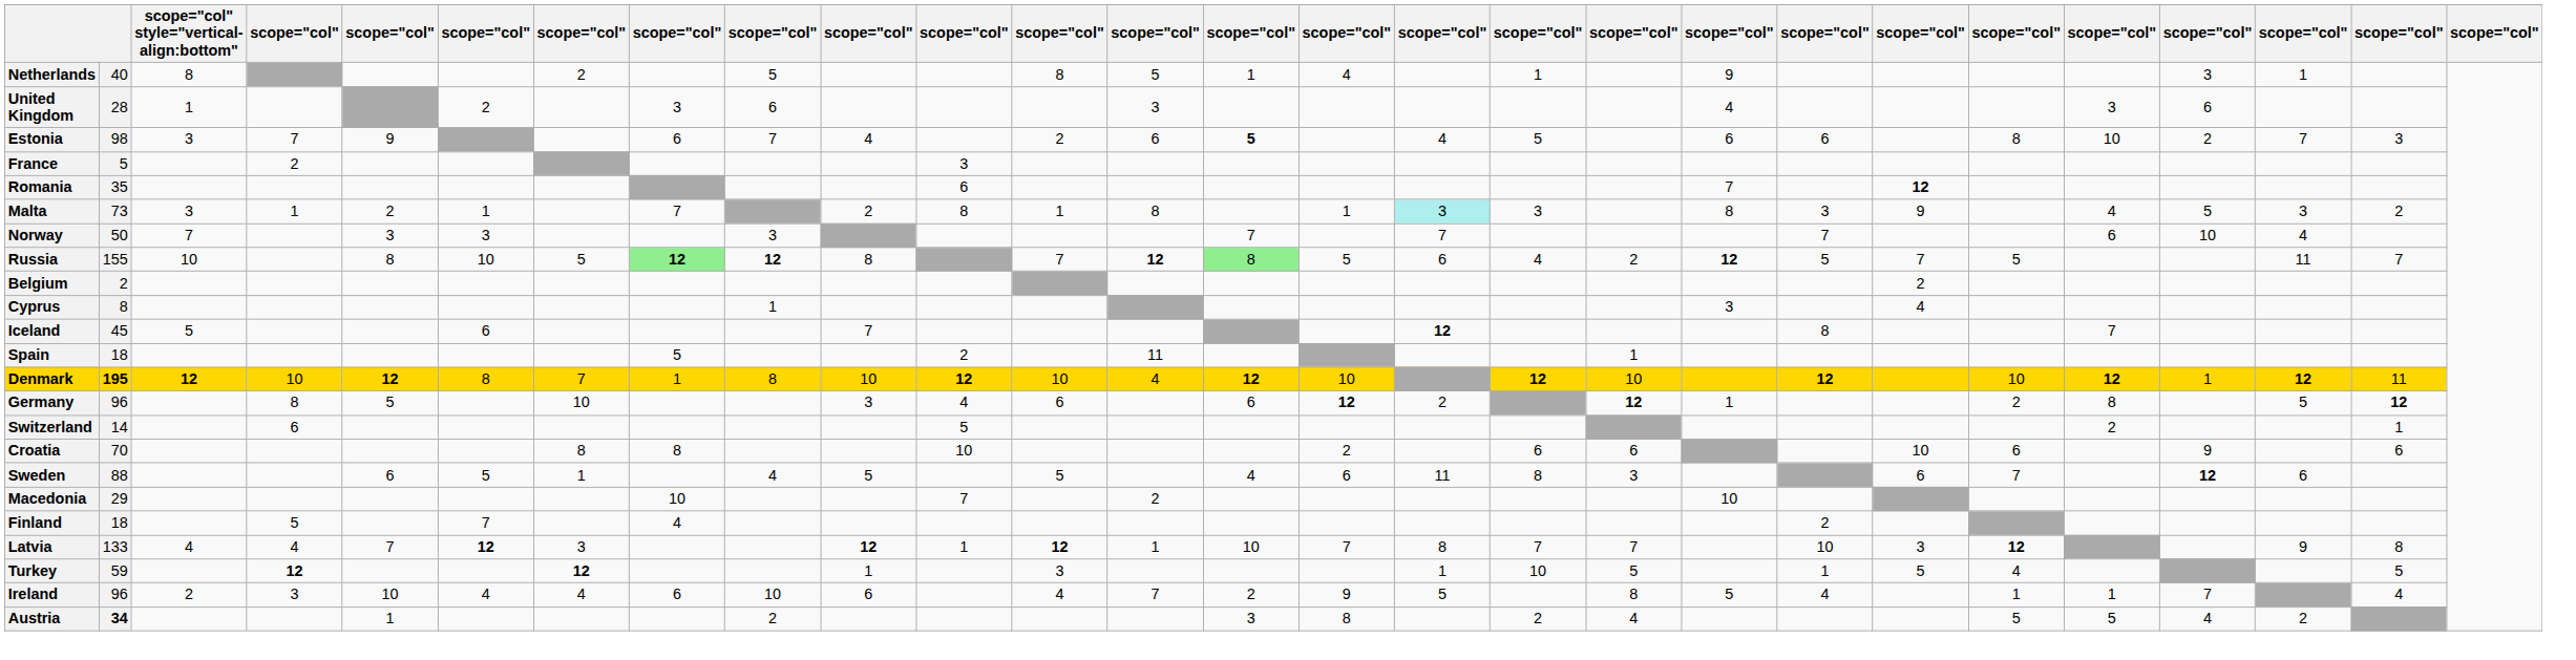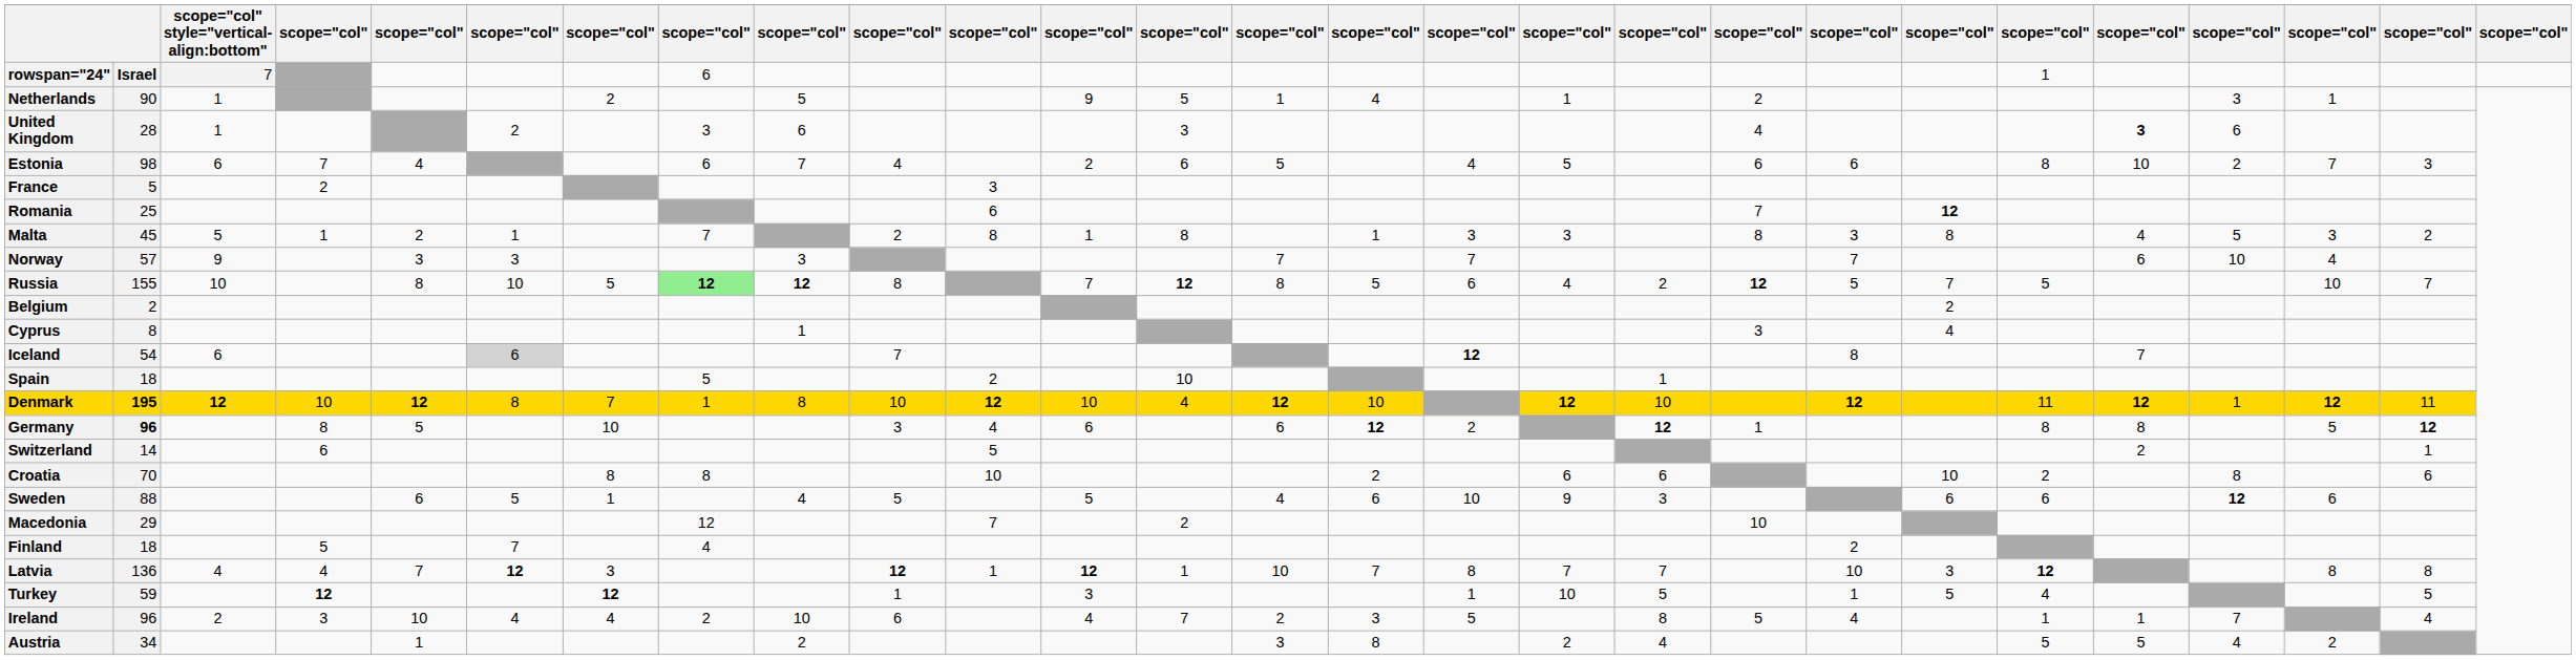 <table class="wikitable plainrowheaders" style="text-align:center;">
 <tr>
 </tr>
 <tr>
 <th colspan="2"></th>
 <th>scope="col" style="vertical-align:bottom" </th>
 <th>scope="col" </th>
 <th>scope="col" </th>
 <th>scope="col" </th>
 <th>scope="col" </th>
 <th>scope="col" </th>
 <th>scope="col" </th>
 <th>scope="col" </th>
 <th>scope="col" </th>
 <th>scope="col" </th>
 <th>scope="col" </th>
 <th>scope="col" </th>
 <th>scope="col" </th>
 <th>scope="col" </th>
 <th>scope="col" </th>
 <th>scope="col" </th>
 <th>scope="col" </th>
 <th>scope="col" </th>
 <th>scope="col" </th>
 <th>scope="col" </th>
 <th>scope="col" </th>
 <th>scope="col" </th>
 <th>scope="col" </th>
 <th>scope="col" </th>
 <th>scope="col" </th>
 </tr>
 <tr>
+<th>rowspan="24" </th>
+<th scope="row" style="text-align:left; background:#f2f2f2;">Israel</th>
+<td style="text-align:right; background:#f2f2f2;">7</td>
+<td style="text-align:left; background:#aaa;"></td>
+<td></td>
+<td></td>
+<td></td>
+<td>6</td>
+<td></td>
+<td></td>
+<td></td>
+<td></td>
+<td></td>
+<td></td>
+<td></td>
+<td></td>
+<td></td>
+<td></td>
+<td></td>
+<td></td>
+<td></td>
+<td>1</td>
+<td></td>
+<td></td>
+<td></td>
+<td></td>
+<td></td>
+</tr>
+<tr>
 <th scope="row" style="text-align:left; background:#f2f2f2;">Netherlands</th>
-<td style="text-align:right; background:#f2f2f2;">40</td>
-<td>8</td>
+<td style="text-align:right; background:#f2f2f2;">90</td>
+<td>1</td>
 <td style="text-align:left; background:#aaa;"></td>
 <td></td>
 <td></td>
 <td>2</td>
 <td></td>
 <td>5</td>
 <td></td>
 <td></td>
-<td>8</td>
+<td>9</td>
 <td>5</td>
 <td>1</td>
 <td>4</td>
 <td></td>
 <td>1</td>
 <td></td>
-<td>9</td>
+<td>2</td>
 <td></td>
 <td></td>
 <td></td>
 <td></td>
 <td>3</td>
 <td>1</td>
 <td></td>
 </tr>
 <tr>
 <th scope="row" style="text-align:left; background:#f2f2f2;">United Kingdom</th>
 <td style="text-align:right; background:#f2f2f2;">28</td>
 <td>1</td>
 <td></td>
 <td style="text-align:left; background:#aaa;"></td>
 <td>2</td>
 <td></td>
 <td>3</td>
 <td>6</td>
 <td></td>
 <td></td>
 <td></td>
 <td>3</td>
 <td></td>
 <td></td>
 <td></td>
 <td></td>
 <td></td>
 <td>4</td>
 <td></td>
 <td></td>
 <td></td>
-<td>3</td>
+<td><strong>3</strong></td>
 <td>6</td>
 <td></td>
 <td></td>
 </tr>
 <tr>
 <th scope="row" style="text-align:left; background:#f2f2f2;">Estonia</th>
 <td style="text-align:right; background:#f2f2f2;">98</td>
-<td>3</td>
+<td>6</td>
 <td>7</td>
-<td>9</td>
+<td>4</td>
 <td style="text-align:left; background:#aaa;"></td>
 <td></td>
 <td>6</td>
 <td>7</td>
 <td>4</td>
 <td></td>
 <td>2</td>
 <td>6</td>
-<td><strong>5</strong></td>
+<td>5</td>
 <td></td>
 <td>4</td>
 <td>5</td>
 <td></td>
 <td>6</td>
 <td>6</td>
 <td></td>
 <td>8</td>
 <td>10</td>
 <td>2</td>
 <td>7</td>
 <td>3</td>
 </tr>
 <tr>
 <th scope="row" style="text-align:left; background:#f2f2f2;">France</th>
 <td style="text-align:right; background:#f2f2f2;">5</td>
 <td></td>
 <td>2</td>
 <td></td>
 <td></td>
 <td style="text-align:left; background:#aaa;"></td>
 <td></td>
 <td></td>
 <td></td>
 <td>3</td>
 <td></td>
 <td></td>
 <td></td>
 <td></td>
 <td></td>
 <td></td>
 <td></td>
 <td></td>
 <td></td>
 <td></td>
 <td></td>
 <td></td>
 <td></td>
 <td></td>
 <td></td>
 </tr>
 <tr>
 <th scope="row" style="text-align:left; background:#f2f2f2;">Romania</th>
-<td style="text-align:right; background:#f2f2f2;">35</td>
+<td style="text-align:right; background:#f2f2f2;">25</td>
 <td></td>
 <td></td>
 <td></td>
 <td></td>
 <td></td>
 <td style="text-align:left; background:#aaa;"></td>
 <td></td>
 <td></td>
 <td>6</td>
 <td></td>
 <td></td>
 <td></td>
 <td></td>
 <td></td>
 <td></td>
 <td></td>
 <td>7</td>
 <td></td>
 <td><strong>12</strong></td>
 <td></td>
 <td></td>
 <td></td>
 <td></td>
 <td></td>
 </tr>
 <tr>
 <th scope="row" style="text-align:left; background:#f2f2f2;">Malta</th>
-<td style="text-align:right; background:#f2f2f2;">73</td>
-<td>3</td>
+<td style="text-align:right; background:#f2f2f2;">45</td>
+<td>5</td>
 <td>1</td>
 <td>2</td>
 <td>1</td>
 <td></td>
 <td>7</td>
 <td style="text-align:left; background:#aaa;"></td>
 <td>2</td>
 <td>8</td>
 <td>1</td>
 <td>8</td>
 <td></td>
 <td>1</td>
-<td style="background: paleturquoise;">3</td>
+<td>3</td>
 <td>3</td>
 <td></td>
 <td>8</td>
 <td>3</td>
-<td>9</td>
+<td>8</td>
 <td></td>
 <td>4</td>
 <td>5</td>
 <td>3</td>
 <td>2</td>
 </tr>
 <tr>
 <th scope="row" style="text-align:left; background:#f2f2f2;">Norway</th>
-<td style="text-align:right; background:#f2f2f2;">50</td>
-<td>7</td>
+<td style="text-align:right; background:#f2f2f2;">57</td>
+<td>9</td>
 <td></td>
 <td>3</td>
 <td>3</td>
 <td></td>
 <td></td>
 <td>3</td>
 <td style="text-align:left; background:#aaa;"></td>
 <td></td>
 <td></td>
 <td></td>
 <td>7</td>
 <td></td>
 <td>7</td>
 <td></td>
 <td></td>
 <td></td>
 <td>7</td>
 <td></td>
 <td></td>
 <td>6</td>
 <td>10</td>
 <td>4</td>
 <td></td>
 </tr>
 <tr>
 <th scope="row" style="text-align:left; background:#f2f2f2;">Russia</th>
 <td style="text-align:right; background:#f2f2f2;">155</td>
 <td>10</td>
 <td></td>
 <td>8</td>
 <td>10</td>
 <td>5</td>
 <td style="background: lightgreen;"><strong>12</strong></td>
 <td><strong>12</strong></td>
 <td>8</td>
 <td style="text-align:left; background:#aaa;"></td>
 <td>7</td>
 <td><strong>12</strong></td>
-<td style="background: lightgreen;">8</td>
+<td>8</td>
 <td>5</td>
 <td>6</td>
 <td>4</td>
 <td>2</td>
 <td><strong>12</strong></td>
 <td>5</td>
 <td>7</td>
 <td>5</td>
 <td></td>
 <td></td>
-<td>11</td>
+<td>10</td>
 <td>7</td>
 </tr>
 <tr>
 <th scope="row" style="text-align:left; background:#f2f2f2;">Belgium</th>
 <td style="text-align:right; background:#f2f2f2;">2</td>
 <td></td>
 <td></td>
 <td></td>
 <td></td>
 <td></td>
 <td></td>
 <td></td>
 <td></td>
 <td></td>
 <td style="text-align:left; background:#aaa;"></td>
 <td></td>
 <td></td>
 <td></td>
 <td></td>
 <td></td>
 <td></td>
 <td></td>
 <td></td>
 <td>2</td>
 <td></td>
 <td></td>
 <td></td>
 <td></td>
 <td></td>
 </tr>
 <tr>
 <th scope="row" style="text-align:left; background:#f2f2f2;">Cyprus</th>
 <td style="text-align:right; background:#f2f2f2;">8</td>
 <td></td>
 <td></td>
 <td></td>
 <td></td>
 <td></td>
 <td></td>
 <td>1</td>
 <td></td>
 <td></td>
 <td></td>
 <td style="text-align:left; background:#aaa;"></td>
 <td></td>
 <td></td>
 <td></td>
 <td></td>
 <td></td>
 <td>3</td>
 <td></td>
 <td>4</td>
 <td></td>
 <td></td>
 <td></td>
 <td></td>
 <td></td>
 </tr>
 <tr>
 <th scope="row" style="text-align:left; background:#f2f2f2;">Iceland</th>
-<td style="text-align:right; background:#f2f2f2;">45</td>
-<td>5</td>
+<td style="text-align:right; background:#f2f2f2;">54</td>
+<td>6</td>
 <td></td>
 <td></td>
-<td>6</td>
+<td style="background: lightgrey;">6</td>
 <td></td>
 <td></td>
 <td></td>
 <td>7</td>
 <td></td>
 <td></td>
 <td></td>
 <td style="text-align:left; background:#aaa;"></td>
 <td></td>
 <td><strong>12</strong></td>
 <td></td>
 <td></td>
 <td></td>
 <td>8</td>
 <td></td>
 <td></td>
 <td>7</td>
 <td></td>
 <td></td>
 <td></td>
 </tr>
 <tr>
 <th scope="row" style="text-align:left; background:#f2f2f2;">Spain</th>
 <td style="text-align:right; background:#f2f2f2;">18</td>
 <td></td>
 <td></td>
 <td></td>
 <td></td>
 <td></td>
 <td>5</td>
 <td></td>
 <td></td>
 <td>2</td>
 <td></td>
-<td>11</td>
+<td>10</td>
 <td></td>
 <td style="text-align:left; background:#aaa;"></td>
 <td></td>
 <td></td>
 <td>1</td>
 <td></td>
 <td></td>
 <td></td>
 <td></td>
 <td></td>
 <td></td>
 <td></td>
 <td></td>
 </tr>
 <tr style="background:gold;">
 <th scope="row" style="text-align:left; font-weight:bold; background:gold;">Denmark</th>
 <td style="text-align:right; font-weight:bold;">195</td>
 <td><strong>12</strong></td>
 <td>10</td>
 <td><strong>12</strong></td>
 <td>8</td>
 <td>7</td>
 <td>1</td>
 <td>8</td>
 <td>10</td>
 <td><strong>12</strong></td>
 <td>10</td>
 <td>4</td>
 <td><strong>12</strong></td>
 <td>10</td>
 <td style="text-align:left; background:#aaa;"></td>
 <td><strong>12</strong></td>
 <td>10</td>
 <td></td>
 <td><strong>12</strong></td>
 <td></td>
-<td>10</td>
+<td>11</td>
 <td><strong>12</strong></td>
 <td>1</td>
 <td><strong>12</strong></td>
 <td>11</td>
 </tr>
 <tr>
 <th scope="row" style="text-align:left; background:#f2f2f2;">Germany</th>
-<td style="text-align:right; background:#f2f2f2;">96</td>
+<td style="text-align:right; background:#f2f2f2;"><strong>96</strong></td>
 <td></td>
 <td>8</td>
 <td>5</td>
 <td></td>
 <td>10</td>
 <td></td>
 <td></td>
 <td>3</td>
 <td>4</td>
 <td>6</td>
 <td></td>
 <td>6</td>
 <td><strong>12</strong></td>
 <td>2</td>
 <td style="text-align:left; background:#aaa;"></td>
 <td><strong>12</strong></td>
 <td>1</td>
 <td></td>
 <td></td>
-<td>2</td>
+<td>8</td>
 <td>8</td>
 <td></td>
 <td>5</td>
 <td><strong>12</strong></td>
 </tr>
 <tr>
 <th scope="row" style="text-align:left; background:#f2f2f2;">Switzerland</th>
 <td style="text-align:right; background:#f2f2f2;">14</td>
 <td></td>
 <td>6</td>
 <td></td>
 <td></td>
 <td></td>
 <td></td>
 <td></td>
 <td></td>
 <td>5</td>
 <td></td>
 <td></td>
 <td></td>
 <td></td>
 <td></td>
 <td></td>
 <td style="text-align:left; background:#aaa;"></td>
 <td></td>
 <td></td>
 <td></td>
 <td></td>
 <td>2</td>
 <td></td>
 <td></td>
 <td>1</td>
 </tr>
 <tr>
 <th scope="row" style="text-align:left; background:#f2f2f2;">Croatia</th>
 <td style="text-align:right; background:#f2f2f2;">70</td>
 <td></td>
 <td></td>
 <td></td>
 <td></td>
 <td>8</td>
 <td>8</td>
 <td></td>
 <td></td>
 <td>10</td>
 <td></td>
 <td></td>
 <td></td>
 <td>2</td>
 <td></td>
 <td>6</td>
 <td>6</td>
 <td style="text-align:left; background:#aaa;"></td>
 <td></td>
 <td>10</td>
-<td>6</td>
+<td>2</td>
 <td></td>
-<td>9</td>
+<td>8</td>
 <td></td>
 <td>6</td>
 </tr>
 <tr>
 <th scope="row" style="text-align:left; background:#f2f2f2;">Sweden</th>
 <td style="text-align:right; background:#f2f2f2;">88</td>
 <td></td>
 <td></td>
 <td>6</td>
 <td>5</td>
 <td>1</td>
 <td></td>
 <td>4</td>
 <td>5</td>
 <td></td>
 <td>5</td>
 <td></td>
 <td>4</td>
 <td>6</td>
-<td>11</td>
-<td>8</td>
+<td>10</td>
+<td>9</td>
 <td>3</td>
 <td></td>
 <td style="text-align:left; background:#aaa;"></td>
 <td>6</td>
-<td>7</td>
+<td>6</td>
 <td></td>
 <td><strong>12</strong></td>
 <td>6</td>
 <td></td>
 </tr>
 <tr>
 <th scope="row" style="text-align:left; background:#f2f2f2;">Macedonia</th>
 <td style="text-align:right; background:#f2f2f2;">29</td>
 <td></td>
 <td></td>
 <td></td>
 <td></td>
 <td></td>
-<td>10</td>
+<td>12</td>
 <td></td>
 <td></td>
 <td>7</td>
 <td></td>
 <td>2</td>
 <td></td>
 <td></td>
 <td></td>
 <td></td>
 <td></td>
 <td>10</td>
 <td></td>
 <td style="text-align:left; background:#aaa;"></td>
 <td></td>
 <td></td>
 <td></td>
 <td></td>
 <td></td>
 </tr>
 <tr>
 <th scope="row" style="text-align:left; background:#f2f2f2;">Finland</th>
 <td style="text-align:right; background:#f2f2f2;">18</td>
 <td></td>
 <td>5</td>
 <td></td>
 <td>7</td>
 <td></td>
 <td>4</td>
 <td></td>
 <td></td>
 <td></td>
 <td></td>
 <td></td>
 <td></td>
 <td></td>
 <td></td>
 <td></td>
 <td></td>
 <td></td>
 <td>2</td>
 <td></td>
 <td style="text-align:left; background:#aaa;"></td>
 <td></td>
 <td></td>
 <td></td>
 <td></td>
 </tr>
 <tr>
 <th scope="row" style="text-align:left; background:#f2f2f2;">Latvia</th>
-<td style="text-align:right; background:#f2f2f2;">133</td>
+<td style="text-align:right; background:#f2f2f2;">136</td>
 <td>4</td>
 <td>4</td>
 <td>7</td>
 <td><strong>12</strong></td>
 <td>3</td>
 <td></td>
 <td></td>
 <td><strong>12</strong></td>
 <td>1</td>
 <td><strong>12</strong></td>
 <td>1</td>
 <td>10</td>
 <td>7</td>
 <td>8</td>
 <td>7</td>
 <td>7</td>
 <td></td>
 <td>10</td>
 <td>3</td>
 <td><strong>12</strong></td>
 <td style="text-align:left; background:#aaa;"></td>
 <td></td>
-<td>9</td>
+<td>8</td>
 <td>8</td>
 </tr>
 <tr>
 <th scope="row" style="text-align:left; background:#f2f2f2;">Turkey</th>
 <td style="text-align:right; background:#f2f2f2;">59</td>
 <td></td>
 <td><strong>12</strong></td>
 <td></td>
 <td></td>
 <td><strong>12</strong></td>
 <td></td>
 <td></td>
 <td>1</td>
 <td></td>
 <td>3</td>
 <td></td>
 <td></td>
 <td></td>
 <td>1</td>
 <td>10</td>
 <td>5</td>
 <td></td>
 <td>1</td>
 <td>5</td>
 <td>4</td>
 <td></td>
 <td style="text-align:left; background:#aaa;"></td>
 <td></td>
 <td>5</td>
 </tr>
 <tr>
 <th scope="row" style="text-align:left; background:#f2f2f2;">Ireland</th>
 <td style="text-align:right; background:#f2f2f2;">96</td>
 <td>2</td>
 <td>3</td>
 <td>10</td>
 <td>4</td>
 <td>4</td>
-<td>6</td>
+<td>2</td>
 <td>10</td>
 <td>6</td>
 <td></td>
 <td>4</td>
 <td>7</td>
 <td>2</td>
-<td>9</td>
+<td>3</td>
 <td>5</td>
 <td></td>
 <td>8</td>
 <td>5</td>
 <td>4</td>
 <td></td>
 <td>1</td>
 <td>1</td>
 <td>7</td>
 <td style="text-align:left; background:#aaa;"></td>
 <td>4</td>
 </tr>
 <tr>
 <th scope="row" style="text-align:left; background:#f2f2f2;">Austria</th>
-<td style="text-align:right; background:#f2f2f2;"><strong>34</strong></td>
+<td style="text-align:right; background:#f2f2f2;">34</td>
 <td></td>
 <td></td>
 <td>1</td>
 <td></td>
 <td></td>
 <td></td>
 <td>2</td>
 <td></td>
 <td></td>
 <td></td>
 <td></td>
 <td>3</td>
 <td>8</td>
 <td></td>
 <td>2</td>
 <td>4</td>
 <td></td>
 <td></td>
 <td></td>
 <td>5</td>
 <td>5</td>
 <td>4</td>
 <td>2</td>
 <td style="text-align:left; background:#aaa;"></td>
 </tr>
 </table>
